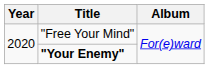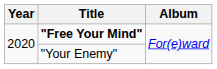 <table class="wikitable">
 <tr>
 <th>Year</th>
 <th>Title</th>
 <th>Album</th>
 </tr>
 <tr>
 <td rowspan="2">2020</td>
-<td>"Free Your Mind"</td>
+<td><strong>"Free Your Mind"</strong></td>
 <td rowspan="2"><em><a href='#'>For(e)ward</a></em></td>
 </tr>
 <tr>
-<td><strong>"Your Enemy"</strong></td>
+<td>"Your Enemy"</td>
 </tr>
 </table>
